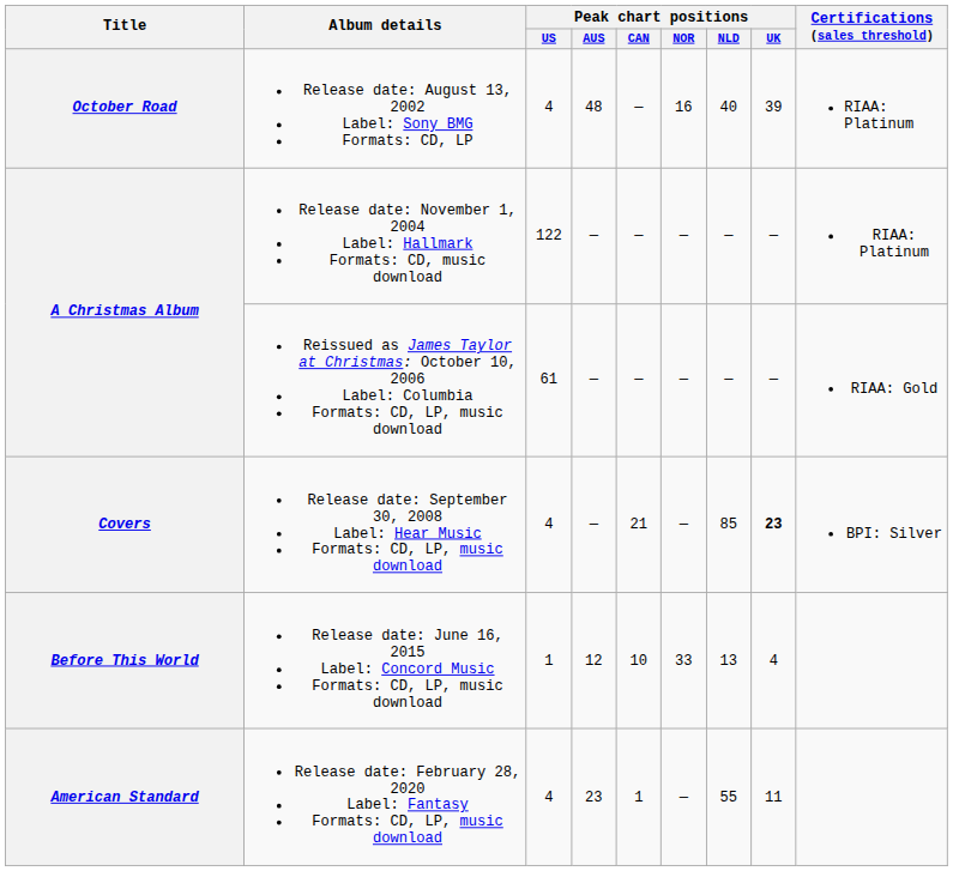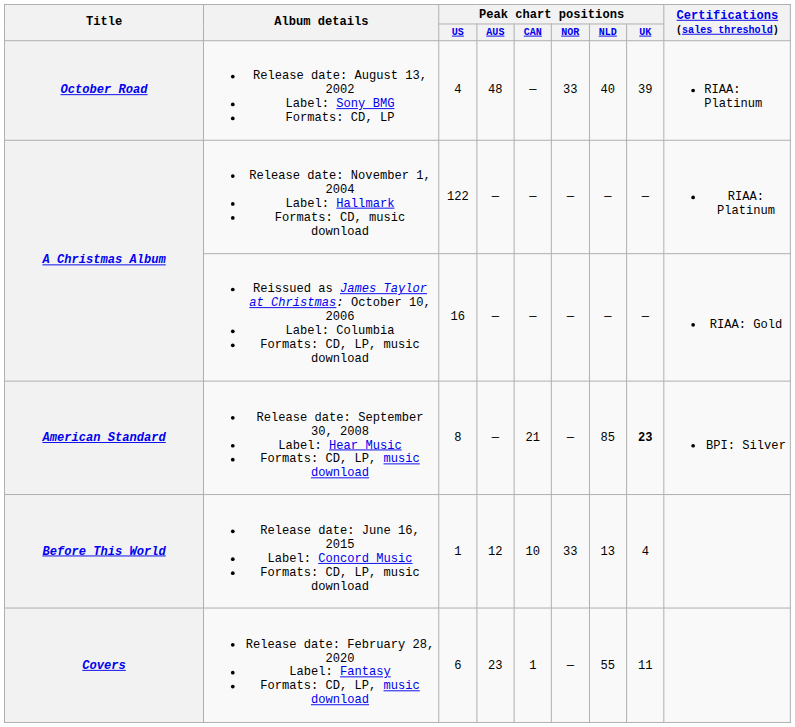 <table class="wikitable plainrowheaders" style="text-align:center;">
 <tr>
 <th rowspan="2" style="width:16em;">Title</th>
 <th rowspan="2" style="width:19em;">Album details</th>
 <th colspan="6">Peak chart positions</th>
 <th rowspan="2" style="width:10em;"><a href='#'>Certifications</a><br><small>(<a href='#'>sales threshold</a>)</small></th>
 </tr>
 <tr style="font-size:smaller;">
 <th width="35"><a href='#'>US</a><br></th>
 <th width="35"><a href='#'>AUS</a><br></th>
 <th width="35"><a href='#'>CAN</a><br></th>
 <th width="35"><a href='#'>NOR</a><br></th>
 <th width="35"><a href='#'>NLD</a><br></th>
 <th width="35"><a href='#'>UK</a><br></th>
 </tr>
 <tr>
 <th scope="row"><em><a href='#'>October Road</a></em></th>
 <td><br><ul><li>Release date: August 13, 2002</li><li>Label: <a href='#'>Sony BMG</a></li><li>Formats: CD, LP</li></ul></td>
 <td>4</td>
 <td>48</td>
 <td>—</td>
-<td>16</td>
+<td>33</td>
 <td>40</td>
 <td>39</td>
 <td align="left"><br><ul><li>RIAA: Platinum</li></ul></td>
 </tr>
 <tr>
 <th rowspan="2" scope="row"><em><a href='#'>A Christmas Album</a></em></th>
 <td><br><ul><li>Release date: November 1, 2004</li><li>Label: <a href='#'>Hallmark</a></li><li>Formats: CD, music download</li></ul></td>
 <td>122</td>
 <td>—</td>
 <td>—</td>
 <td>—</td>
 <td>—</td>
 <td>—</td>
 <td><br><ul><li>RIAA: Platinum</li></ul></td>
 </tr>
 <tr>
 <td><br><ul><li>Reissued as <em><a href='#'>James Taylor at Christmas</a>:</em> October 10, 2006</li><li>Label: Columbia</li><li>Formats: CD, LP, music download</li></ul></td>
-<td>61</td>
+<td>16</td>
 <td>—</td>
 <td>—</td>
 <td>—</td>
 <td>—</td>
 <td>—</td>
 <td><br><ul><li>RIAA: Gold</li></ul></td>
 </tr>
 <tr>
-<th scope="row"><em><a href='#'>Covers</a></em></th>
+<th scope="row"><em><a href='#'>American Standard</a></em></th>
 <td><br><ul><li>Release date: September 30, 2008</li><li>Label: <a href='#'>Hear Music</a></li><li>Formats: CD, LP, <a href='#'>music download</a></li></ul></td>
-<td>4</td>
+<td>8</td>
 <td>—</td>
 <td>21</td>
 <td>—</td>
 <td>85</td>
 <td><strong>23</strong></td>
 <td><br><ul><li>BPI: Silver</li></ul></td>
 </tr>
 <tr>
 <th scope="row"><em><a href='#'>Before This World</a></em></th>
 <td><br><ul><li>Release date: June 16, 2015</li><li>Label: <a href='#'>Concord Music</a></li><li>Formats: CD, LP, music download</li></ul></td>
 <td>1</td>
 <td>12</td>
 <td>10</td>
 <td>33</td>
 <td>13</td>
 <td>4</td>
 <td></td>
 </tr>
 <tr>
-<th scope="row"><em><a href='#'>American Standard</a></em></th>
+<th scope="row"><em><a href='#'>Covers</a></em></th>
 <td><br><ul><li>Release date: February 28, 2020</li><li>Label: <a href='#'>Fantasy</a></li><li>Formats: CD, LP, <a href='#'>music download</a></li></ul></td>
-<td>4</td>
+<td>6</td>
 <td>23</td>
 <td>1</td>
 <td>—</td>
 <td>55</td>
 <td>11</td>
 <td></td>
 </tr>
 </table>
